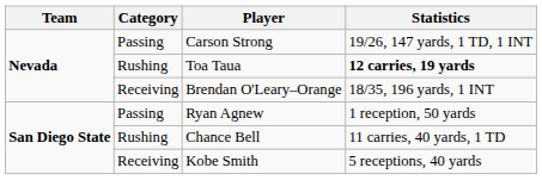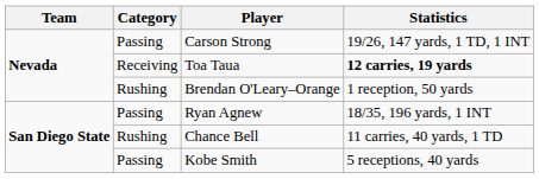 <table class="wikitable" style="float: left;">
 <tr>
 <th>Team</th>
 <th>Category</th>
 <th>Player</th>
 <th>Statistics</th>
 </tr>
 <tr>
 <td rowspan=3><strong>Nevada</strong></td>
 <td>Passing</td>
 <td>Carson Strong</td>
 <td>19/26, 147 yards, 1 TD, 1 INT</td>
 </tr>
 <tr>
-<td>Rushing</td>
+<td>Receiving</td>
 <td>Toa Taua</td>
 <td><strong>12 carries, 19 yards</strong></td>
 </tr>
 <tr>
-<td>Receiving</td>
+<td>Rushing</td>
 <td>Brendan O'Leary–Orange</td>
-<td>18/35, 196 yards, 1 INT</td>
+<td>1 reception, 50 yards</td>
 </tr>
 <tr>
 <td rowspan=3><strong>San Diego State</strong></td>
 <td>Passing</td>
 <td>Ryan Agnew</td>
-<td>1 reception, 50 yards</td>
+<td>18/35, 196 yards, 1 INT</td>
 </tr>
 <tr>
 <td>Rushing</td>
 <td>Chance Bell</td>
 <td>11 carries, 40 yards, 1 TD</td>
 </tr>
 <tr>
-<td>Receiving</td>
+<td>Passing</td>
 <td>Kobe Smith</td>
 <td>5 receptions, 40 yards</td>
 </tr>
 </table>
